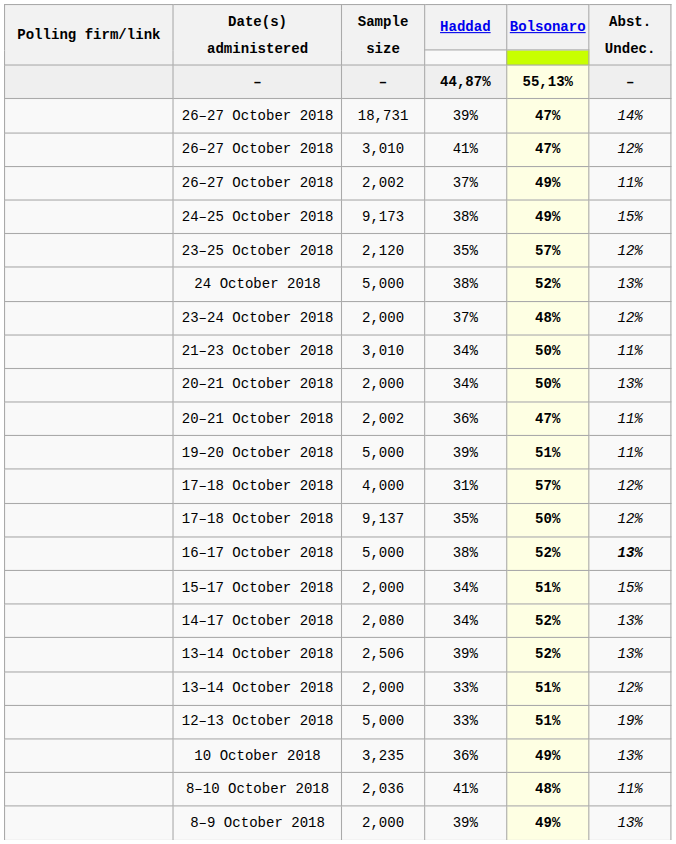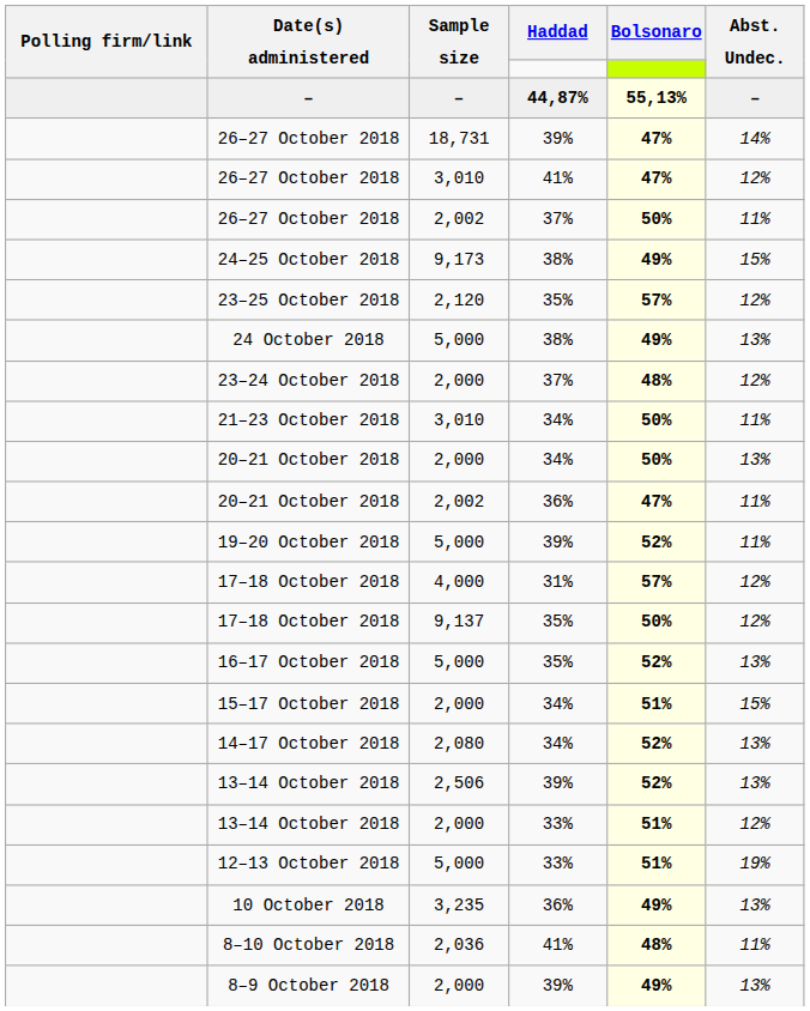 <table class="wikitable collapsible" style="text-align:center;font-size:100%;line-height:25px;">
 <tr style="height:42px;">
 <th style="width:150px;" rowspan="2">Polling firm/link</th>
 <th style="width:150px;" rowspan="2">Date(s)<br>administered</th>
 <th style="width:70px;" rowspan="2">Sample<br>size</th>
 <th style="width:70px;"><a href='#'>Haddad</a></th>
 <th style="width:70px;"><a href='#'>Bolsonaro</a></th>
 <th style="width:70px;" rowspan="2">Abst.<br>Undec.</th>
 </tr>
 <tr>
 <td style="color:inherit;background:"></td>
 <td style="color:inherit;background:#C8ff00;"></td>
 </tr>
 <tr style="background:#EFEFEF; font-weight:bold;">
 <td></td>
 <td>–</td>
 <td>–</td>
 <td>44,87%</td>
 <td style="background:#FeFFE3">55,13%</td>
 <td>–</td>
 </tr>
 <tr>
 <td></td>
 <td>26–27 October 2018</td>
 <td>18,731</td>
 <td>39%</td>
 <td style="background:#FeFFE3"><strong>47%</strong></td>
 <td><em>14%</em></td>
 </tr>
 <tr>
 <td></td>
 <td>26–27 October 2018</td>
 <td>3,010</td>
 <td>41%</td>
 <td style="background:#FeFFE3"><strong>47%</strong></td>
 <td><em>12%</em></td>
 </tr>
 <tr>
 <td></td>
 <td>26–27 October 2018</td>
 <td>2,002</td>
 <td>37%</td>
-<td style="background:#FeFFE3"><strong>49%</strong></td>
+<td style="background:#FeFFE3"><strong>50%</strong></td>
 <td><em>11%</em></td>
 </tr>
 <tr>
 <td></td>
 <td>24–25 October 2018</td>
 <td>9,173</td>
 <td>38%</td>
 <td style="background:#FeFFE3"><strong>49%</strong></td>
 <td><em>15%</em></td>
 </tr>
 <tr>
 <td></td>
 <td>23–25 October 2018</td>
 <td>2,120</td>
 <td>35%</td>
 <td style="background:#FeFFE3"><strong>57%</strong></td>
 <td><em>12%</em></td>
 </tr>
 <tr>
 <td></td>
 <td>24 October 2018</td>
 <td>5,000</td>
 <td>38%</td>
-<td style="background:#FeFFE3"><strong>52%</strong></td>
+<td style="background:#FeFFE3"><strong>49%</strong></td>
 <td><em>13%</em></td>
 </tr>
 <tr>
 <td></td>
 <td>23–24 October 2018</td>
 <td>2,000</td>
 <td>37%</td>
 <td style="background:#FeFFE3"><strong>48%</strong></td>
 <td><em>12%</em></td>
 </tr>
 <tr>
 <td></td>
 <td>21–23 October 2018</td>
 <td>3,010</td>
 <td>34%</td>
 <td style="background:#FeFFE3"><strong>50%</strong></td>
 <td><em>11%</em></td>
 </tr>
 <tr>
 <td></td>
 <td>20–21 October 2018</td>
 <td>2,000</td>
 <td>34%</td>
 <td style="background:#FeFFE3"><strong>50%</strong></td>
 <td><em>13%</em></td>
 </tr>
 <tr>
 <td></td>
 <td>20–21 October 2018</td>
 <td>2,002</td>
 <td>36%</td>
 <td style="background:#FeFFE3"><strong>47%</strong></td>
 <td><em>11%</em></td>
 </tr>
 <tr>
 <td></td>
 <td>19–20 October 2018</td>
 <td>5,000</td>
 <td>39%</td>
-<td style="background:#FeFFE3"><strong>51%</strong></td>
+<td style="background:#FeFFE3"><strong>52%</strong></td>
 <td><em>11%</em></td>
 </tr>
 <tr>
 <td></td>
 <td>17–18 October 2018</td>
 <td>4,000</td>
 <td>31%</td>
 <td style="background:#FeFFE3"><strong>57%</strong></td>
 <td><em>12%</em></td>
 </tr>
 <tr>
 <td></td>
 <td>17–18 October 2018</td>
 <td>9,137</td>
 <td>35%</td>
 <td style="background:#FeFFE3"><strong>50%</strong></td>
 <td><em>12%</em></td>
 </tr>
 <tr>
 <td></td>
 <td>16–17 October 2018</td>
 <td>5,000</td>
-<td>38%</td>
+<td>35%</td>
 <td style="background:#FeFFE3"><strong>52%</strong></td>
-<td><strong><em>13%</em></strong></td>
+<td><em>13%</em></td>
 </tr>
 <tr>
 <td></td>
 <td>15–17 October 2018</td>
 <td>2,000</td>
 <td>34%</td>
 <td style="background:#FeFFE3"><strong>51%</strong></td>
 <td><em>15%</em></td>
 </tr>
 <tr>
 <td></td>
 <td>14–17 October 2018</td>
 <td>2,080</td>
 <td>34%</td>
 <td style="background:#FeFFE3"><strong>52%</strong></td>
 <td><em>13%</em></td>
 </tr>
 <tr>
 <td></td>
 <td>13–14 October 2018</td>
 <td>2,506</td>
 <td>39%</td>
 <td style="background:#FeFFE3"><strong>52%</strong></td>
 <td><em>13%</em></td>
 </tr>
 <tr>
 <td></td>
 <td>13–14 October 2018</td>
 <td>2,000</td>
 <td>33%</td>
 <td style="background:#FeFFE3"><strong>51%</strong></td>
 <td><em>12%</em></td>
 </tr>
 <tr>
 <td></td>
 <td>12–13 October 2018</td>
 <td>5,000</td>
 <td>33%</td>
 <td style="background:#FeFFE3"><strong>51%</strong></td>
 <td><em>19%</em></td>
 </tr>
 <tr>
 <td></td>
 <td>10 October 2018</td>
 <td>3,235</td>
 <td>36%</td>
 <td style="background:#FeFFE3"><strong>49%</strong></td>
 <td><em>13%</em></td>
 </tr>
 <tr>
 <td></td>
 <td>8–10 October 2018</td>
 <td>2,036</td>
 <td>41%</td>
 <td style="background:#FeFFE3"><strong>48%</strong></td>
 <td><em>11%</em></td>
 </tr>
 <tr>
 <td></td>
 <td>8–9 October 2018</td>
 <td>2,000</td>
 <td>39%</td>
 <td style="background:#FeFFE3"><strong>49%</strong></td>
 <td><em>13%</em></td>
 </tr>
 </table>
